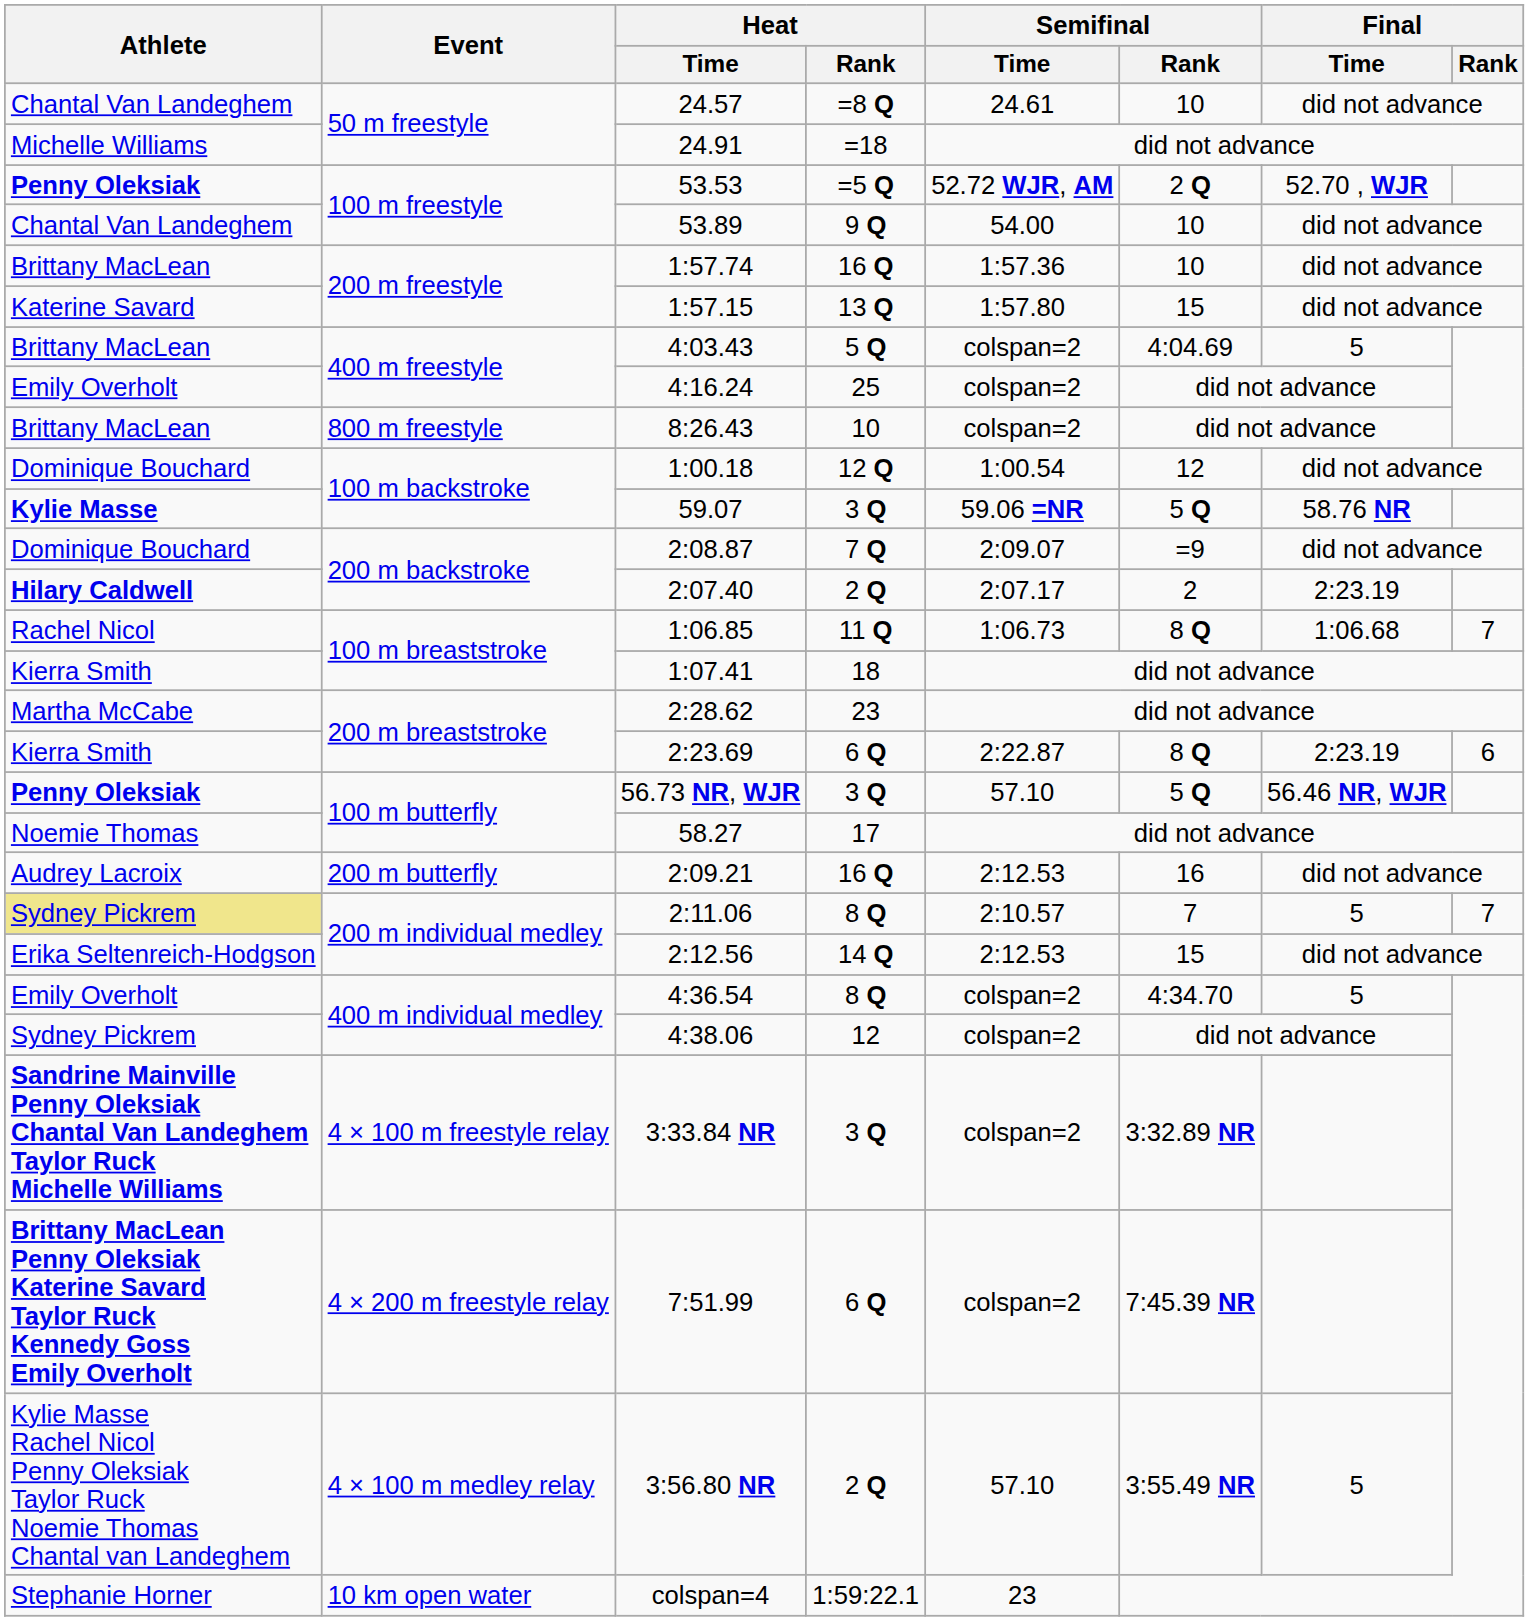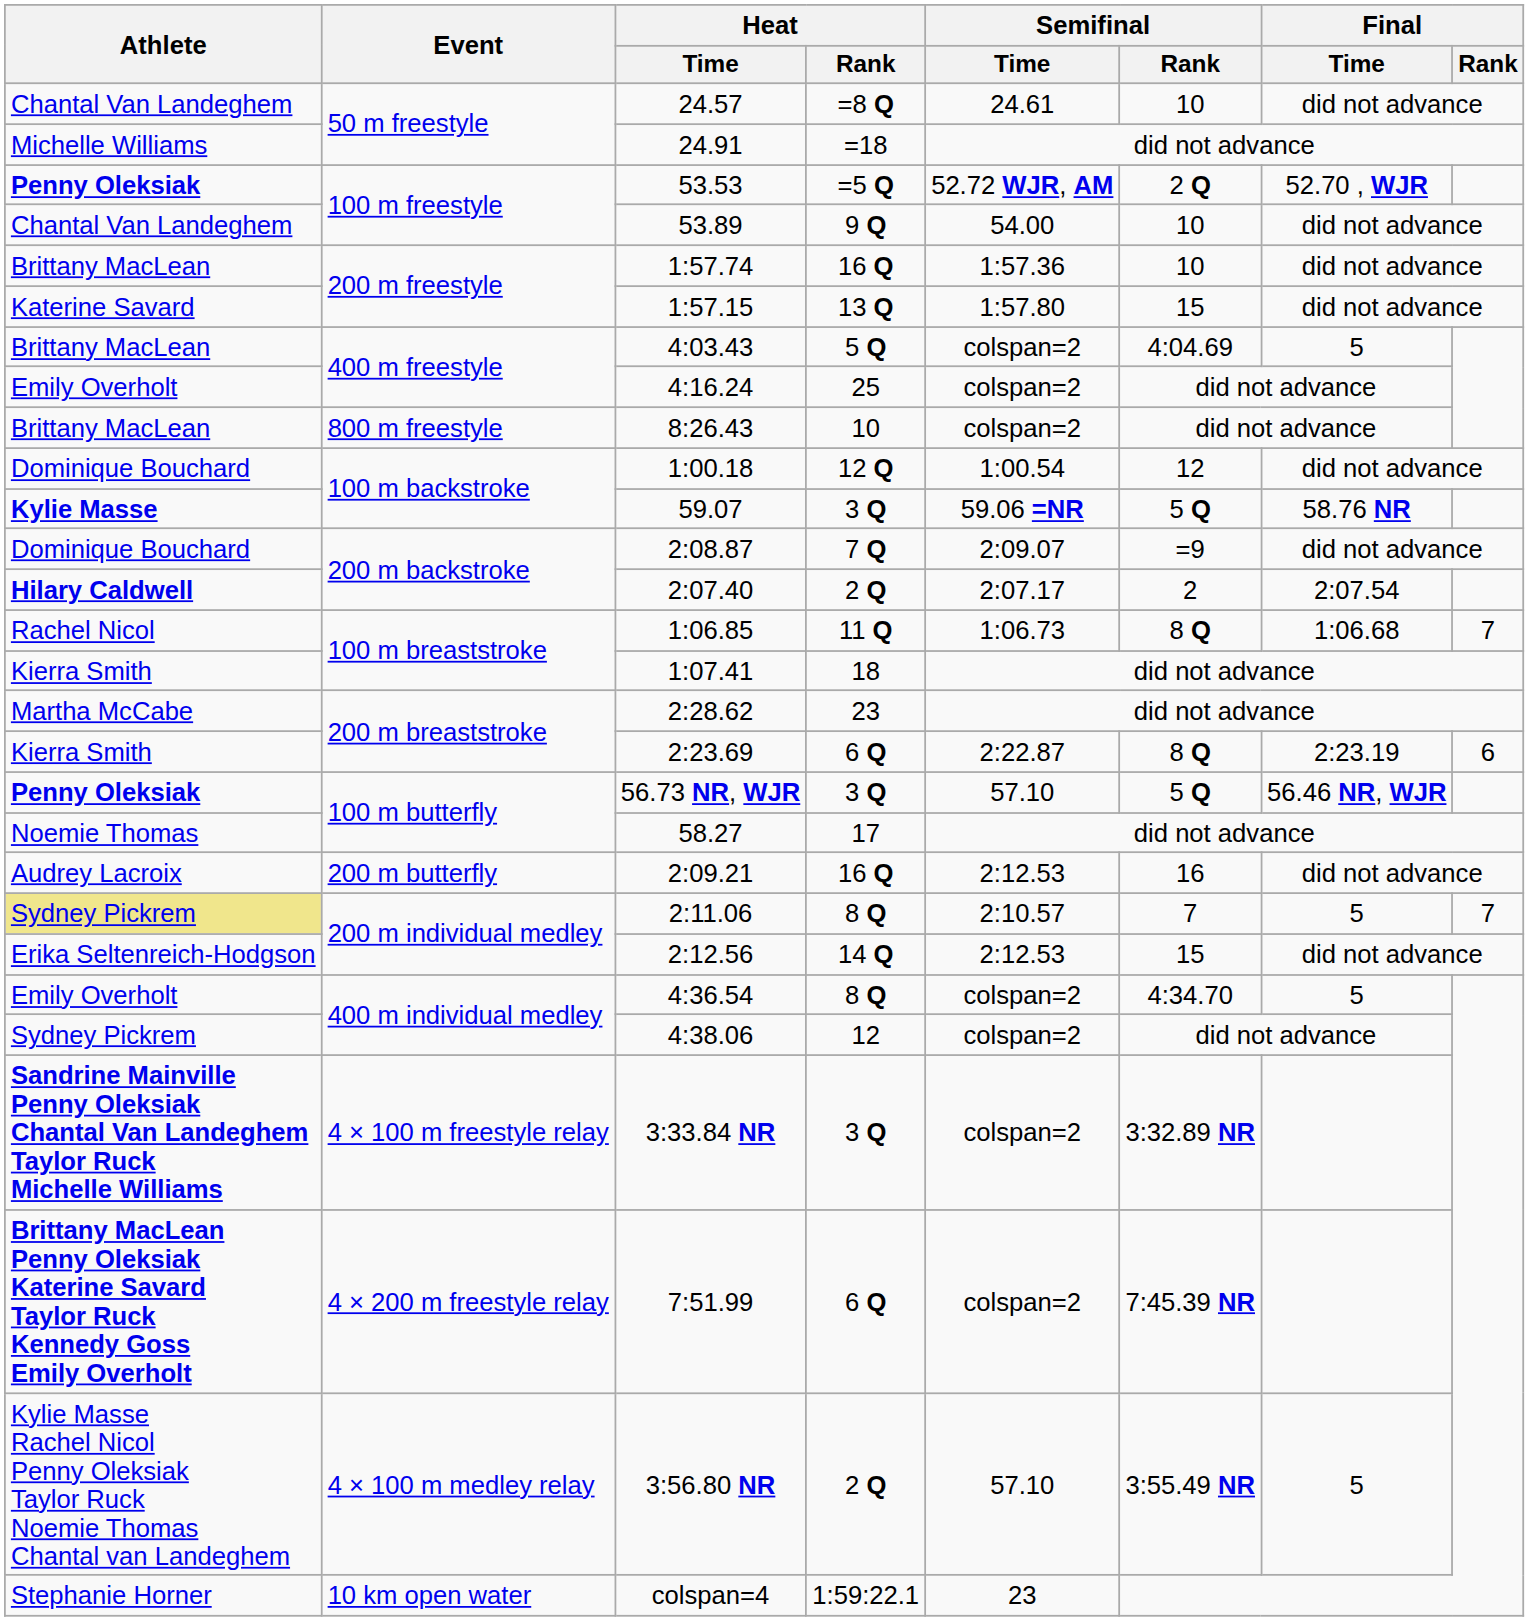 <table class=wikitable style="font-size:90%">
 <tr>
 <th rowspan="2">Athlete</th>
 <th rowspan="2">Event</th>
 <th colspan="2">Heat</th>
 <th colspan="2">Semifinal</th>
 <th colspan="2">Final</th>
 </tr>
 <tr style="font-size:95%">
 <th>Time</th>
 <th>Rank</th>
 <th>Time</th>
 <th>Rank</th>
 <th>Time</th>
 <th>Rank</th>
 </tr>
 <tr align=center>
 <td align=left><a href='#'>Chantal Van Landeghem</a></td>
 <td align=left rowspan=2><a href='#'>50 m freestyle</a></td>
 <td>24.57</td>
 <td>=8 <strong>Q</strong></td>
 <td>24.61</td>
 <td>10</td>
 <td colspan=2>did not advance</td>
 </tr>
 <tr align=center>
 <td align=left><a href='#'>Michelle Williams</a></td>
 <td>24.91</td>
 <td>=18</td>
 <td colspan=4>did not advance</td>
 </tr>
 <tr align=center>
 <td align=left><strong><a href='#'>Penny Oleksiak</a></strong></td>
 <td align=left rowspan=2><a href='#'>100 m freestyle</a></td>
 <td>53.53</td>
 <td>=5 <strong>Q</strong></td>
 <td>52.72 <strong><a href='#'>WJR</a></strong>, <strong><a href='#'>AM</a></strong></td>
 <td>2 <strong>Q</strong></td>
 <td>52.70 , <strong><a href='#'>WJR</a></strong></td>
 <td></td>
 </tr>
 <tr align=center>
 <td align=left><a href='#'>Chantal Van Landeghem</a></td>
 <td>53.89</td>
 <td>9 <strong>Q</strong></td>
 <td>54.00</td>
 <td>10</td>
 <td colspan=2>did not advance</td>
 </tr>
 <tr align=center>
 <td align=left><a href='#'>Brittany MacLean</a></td>
 <td align=left rowspan=2><a href='#'>200 m freestyle</a></td>
 <td>1:57.74</td>
 <td>16 <strong>Q</strong></td>
 <td>1:57.36</td>
 <td>10</td>
 <td colspan=2>did not advance</td>
 </tr>
 <tr align=center>
 <td align=left><a href='#'>Katerine Savard</a></td>
 <td>1:57.15</td>
 <td>13 <strong>Q</strong></td>
 <td>1:57.80</td>
 <td>15</td>
 <td colspan=2>did not advance</td>
 </tr>
 <tr align=center>
 <td align=left><a href='#'>Brittany MacLean</a></td>
 <td align=left rowspan=2><a href='#'>400 m freestyle</a></td>
 <td>4:03.43</td>
 <td>5 <strong>Q</strong></td>
 <td>colspan=2 </td>
 <td>4:04.69</td>
 <td>5</td>
 </tr>
 <tr align=center>
 <td align=left><a href='#'>Emily Overholt</a></td>
 <td>4:16.24</td>
 <td>25</td>
 <td>colspan=2 </td>
 <td colspan=2>did not advance</td>
 </tr>
 <tr align=center>
 <td align=left><a href='#'>Brittany MacLean</a></td>
 <td align=left><a href='#'>800 m freestyle</a></td>
 <td>8:26.43</td>
 <td>10</td>
 <td>colspan=2 </td>
 <td colspan=2>did not advance</td>
 </tr>
 <tr align=center>
 <td align=left><a href='#'>Dominique Bouchard</a></td>
 <td align=left rowspan=2><a href='#'>100 m backstroke</a></td>
 <td>1:00.18</td>
 <td>12 <strong>Q</strong></td>
 <td>1:00.54</td>
 <td>12</td>
 <td colspan=2>did not advance</td>
 </tr>
 <tr align=center>
 <td align=left><strong><a href='#'>Kylie Masse</a></strong></td>
 <td>59.07</td>
 <td>3 <strong>Q</strong></td>
 <td>59.06 <strong><a href='#'>=NR</a></strong></td>
 <td>5 <strong>Q</strong></td>
 <td>58.76 <strong><a href='#'>NR</a></strong></td>
 <td></td>
 </tr>
 <tr align=center>
 <td align=left><a href='#'>Dominique Bouchard</a></td>
 <td align=left rowspan=2><a href='#'>200 m backstroke</a></td>
 <td>2:08.87</td>
 <td>7 <strong>Q</strong></td>
 <td>2:09.07</td>
 <td>=9</td>
 <td colspan=2>did not advance</td>
 </tr>
 <tr align=center>
 <td align=left><strong><a href='#'>Hilary Caldwell</a></strong></td>
 <td>2:07.40</td>
 <td>2 <strong>Q</strong></td>
 <td>2:07.17</td>
 <td>2</td>
-<td>2:23.19</td>
+<td>2:07.54</td>
 <td></td>
 </tr>
 <tr align=center>
 <td align=left><a href='#'>Rachel Nicol</a></td>
 <td align=left rowspan=2><a href='#'>100 m breaststroke</a></td>
 <td>1:06.85</td>
 <td>11 <strong>Q</strong></td>
 <td>1:06.73</td>
 <td>8 <strong>Q</strong></td>
 <td>1:06.68</td>
 <td>7</td>
 </tr>
 <tr align=center>
 <td align=left><a href='#'>Kierra Smith</a></td>
 <td>1:07.41</td>
 <td>18</td>
 <td colspan=4>did not advance</td>
 </tr>
 <tr align=center>
 <td align=left><a href='#'>Martha McCabe</a></td>
 <td align=left rowspan=2><a href='#'>200 m breaststroke</a></td>
 <td>2:28.62</td>
 <td>23</td>
 <td colspan=4>did not advance</td>
 </tr>
 <tr align=center>
 <td align=left><a href='#'>Kierra Smith</a></td>
 <td>2:23.69</td>
 <td>6 <strong>Q</strong></td>
 <td>2:22.87</td>
 <td>8 <strong>Q</strong></td>
 <td>2:23.19</td>
 <td>6</td>
 </tr>
 <tr align=center>
 <td align=left><strong><a href='#'>Penny Oleksiak</a></strong></td>
 <td align=left rowspan=2><a href='#'>100 m butterfly</a></td>
 <td>56.73 <strong><a href='#'>NR</a></strong>, <strong><a href='#'>WJR</a></strong></td>
 <td>3 <strong>Q</strong></td>
 <td>57.10</td>
 <td>5 <strong>Q</strong></td>
 <td>56.46 <strong><a href='#'>NR</a></strong>, <strong><a href='#'>WJR</a></strong></td>
 <td></td>
 </tr>
 <tr align=center>
 <td align=left><a href='#'>Noemie Thomas</a></td>
 <td>58.27</td>
 <td>17</td>
 <td colspan=4>did not advance</td>
 </tr>
 <tr align=center>
 <td align=left><a href='#'>Audrey Lacroix</a></td>
 <td align=left><a href='#'>200 m butterfly</a></td>
 <td>2:09.21</td>
 <td>16 <strong>Q</strong></td>
 <td>2:12.53</td>
 <td>16</td>
 <td colspan=2>did not advance</td>
 </tr>
 <tr align=center>
 <td align=left style="background: khaki;"><a href='#'>Sydney Pickrem</a></td>
 <td align=left rowspan=2><a href='#'>200 m individual medley</a></td>
 <td>2:11.06</td>
 <td>8 <strong>Q</strong></td>
 <td>2:10.57</td>
 <td>7</td>
 <td>5</td>
 <td>7</td>
 </tr>
 <tr align=center>
 <td align=left><a href='#'>Erika Seltenreich-Hodgson</a></td>
 <td>2:12.56</td>
 <td>14 <strong>Q</strong></td>
 <td>2:12.53</td>
 <td>15</td>
 <td colspan=2>did not advance</td>
 </tr>
 <tr align=center>
 <td align=left><a href='#'>Emily Overholt</a></td>
 <td align=left rowspan=2><a href='#'>400 m individual medley</a></td>
 <td>4:36.54</td>
 <td>8 <strong>Q</strong></td>
 <td>colspan=2 </td>
 <td>4:34.70</td>
 <td>5</td>
 </tr>
 <tr align=center>
 <td align=left><a href='#'>Sydney Pickrem</a></td>
 <td>4:38.06</td>
 <td>12</td>
 <td>colspan=2 </td>
 <td colspan=2>did not advance</td>
 </tr>
 <tr align=center>
 <td align=left><strong><a href='#'>Sandrine Mainville</a><br><a href='#'>Penny Oleksiak</a><br><a href='#'>Chantal Van Landeghem</a><br><a href='#'>Taylor Ruck</a><br><a href='#'>Michelle Williams</a></strong></td>
 <td align=left><a href='#'>4 × 100 m freestyle relay</a></td>
 <td>3:33.84 <strong><a href='#'>NR</a></strong></td>
 <td>3 <strong>Q</strong></td>
 <td>colspan=2 </td>
 <td>3:32.89 <strong><a href='#'>NR</a></strong></td>
 <td></td>
 </tr>
 <tr align=center>
 <td align=left><strong><a href='#'>Brittany MacLean</a><br><a href='#'>Penny Oleksiak</a><br><a href='#'>Katerine Savard</a><br><a href='#'>Taylor Ruck</a><br><a href='#'>Kennedy Goss</a><br><a href='#'>Emily Overholt</a></strong></td>
 <td align=left><a href='#'>4 × 200 m freestyle relay</a></td>
 <td>7:51.99</td>
 <td>6 <strong>Q</strong></td>
 <td>colspan=2 </td>
 <td>7:45.39 <strong><a href='#'>NR</a></strong></td>
 <td></td>
 </tr>
 <tr align=center>
 <td align=left><a href='#'>Kylie Masse</a><br><a href='#'>Rachel Nicol</a><br><a href='#'>Penny Oleksiak</a><br><a href='#'>Taylor Ruck</a><br><a href='#'>Noemie Thomas</a><br><a href='#'>Chantal van Landeghem</a></td>
 <td align=left><a href='#'>4 × 100 m medley relay</a></td>
 <td>3:56.80 <strong><a href='#'>NR</a></strong></td>
 <td>2 <strong>Q</strong></td>
 <td>57.10</td>
 <td>3:55.49 <strong><a href='#'>NR</a></strong></td>
 <td>5</td>
 </tr>
 <tr align=center>
 <td align=left><a href='#'>Stephanie Horner</a></td>
 <td align=left><a href='#'>10 km open water</a></td>
 <td>colspan=4 </td>
 <td>1:59:22.1</td>
 <td>23</td>
 </tr>
 </table>
